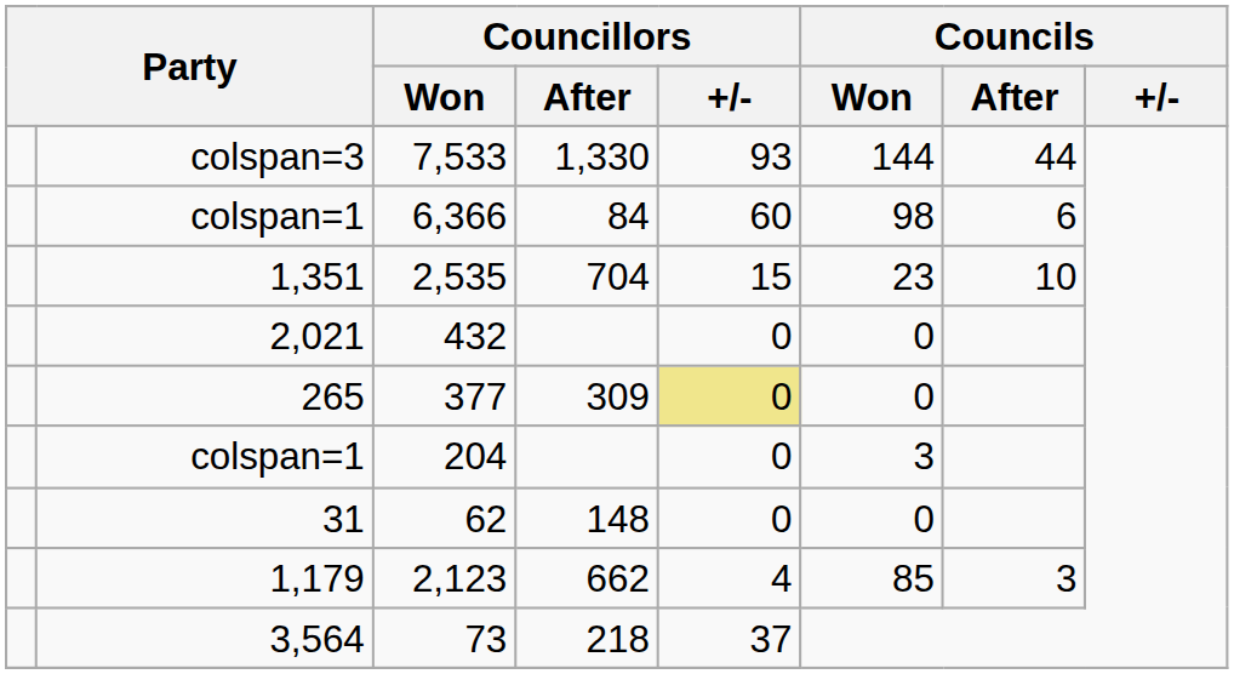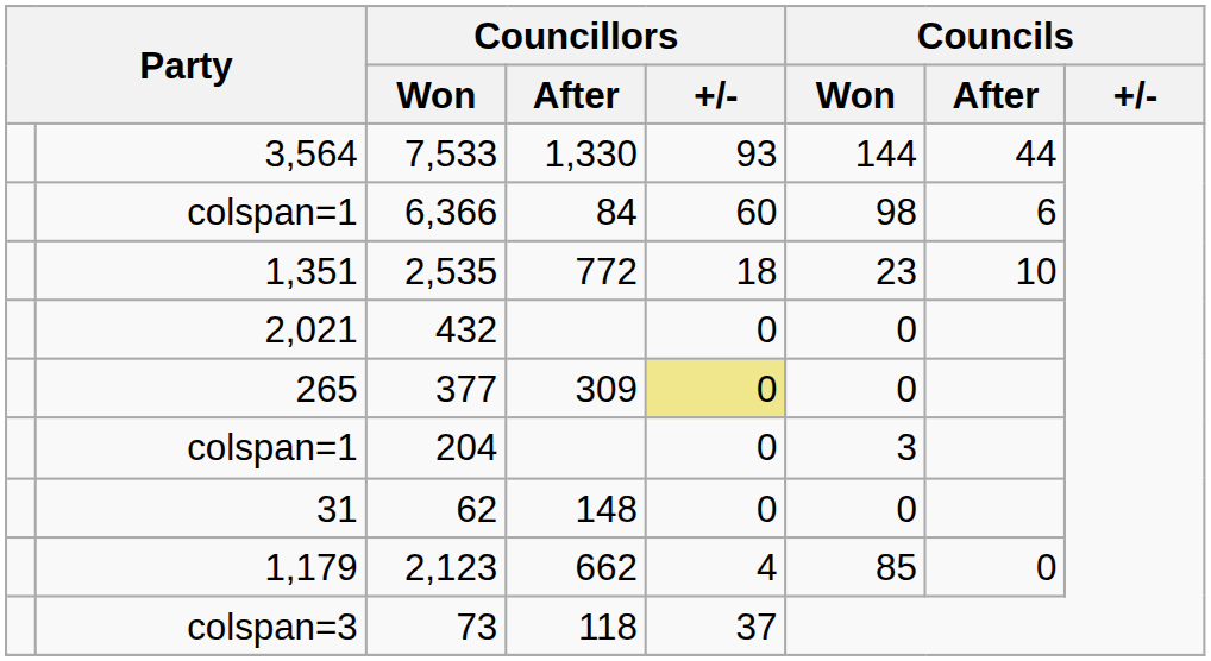 <table id="results" class="wikitable" style="text-align:right; font-size:95%;">
 <tr>
 <th colspan="2" rowspan="2" style="width:140px;">Party</th>
 <th colspan="3">Councillors</th>
 <th colspan="3">Councils</th>
 </tr>
 <tr>
 <th style="width:50px;">Won</th>
 <th style="width:50px;">After</th>
 <th style="width:50px;">+/-</th>
 <th style="width:50px;">Won</th>
 <th style="width:50px;">After</th>
 <th style="width:50px;">+/-</th>
 </tr>
 <tr>
 <td></td>
-<td>colspan=3 </td>
+<td>3,564</td>
 <td>7,533</td>
 <td>1,330</td>
 <td>93</td>
 <td>144</td>
 <td>44</td>
 </tr>
 <tr>
 <td></td>
 <td>colspan=1 </td>
 <td>6,366</td>
 <td>84</td>
 <td>60</td>
 <td>98</td>
 <td>6</td>
 </tr>
 <tr>
 <td></td>
 <td>1,351</td>
 <td>2,535</td>
-<td>704</td>
-<td>15</td>
+<td>772</td>
+<td>18</td>
 <td>23</td>
 <td>10</td>
 </tr>
 <tr>
 <td></td>
 <td>2,021</td>
 <td>432</td>
 <td></td>
 <td>0</td>
 <td>0</td>
 <td></td>
 </tr>
 <tr>
 <td></td>
 <td>265</td>
 <td>377</td>
 <td>309</td>
 <td style="background: khaki;">0</td>
 <td>0</td>
 <td></td>
 </tr>
 <tr>
 <td></td>
 <td>colspan=1 </td>
 <td>204</td>
 <td></td>
 <td>0</td>
 <td>3</td>
 <td></td>
 </tr>
 <tr>
 <td></td>
 <td>31</td>
 <td>62</td>
 <td>148</td>
 <td>0</td>
 <td>0</td>
 <td></td>
 </tr>
 <tr>
 <td></td>
 <td>1,179</td>
 <td>2,123</td>
 <td>662</td>
 <td>4</td>
 <td>85</td>
-<td>3</td>
+<td>0</td>
 </tr>
 <tr>
 <td></td>
-<td>3,564</td>
+<td>colspan=3 </td>
 <td>73</td>
-<td>218</td>
+<td>118</td>
 <td>37</td>
 </tr>
 <tr>
 </tr>
 </table>
